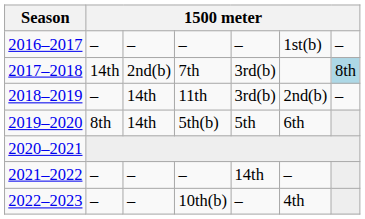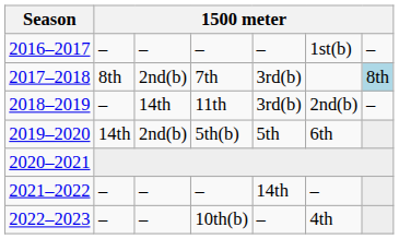 <table class="wikitable" style="display: inline-table;">
 <tr>
 <th>Season</th>
 <th colspan="6">1500 meter</th>
 </tr>
 <tr>
 <td><a href='#'>2016–2017</a></td>
 <td>–</td>
 <td>–</td>
 <td>–</td>
 <td>–</td>
 <td>1st(b)</td>
 <td>–</td>
 </tr>
 <tr>
 <td><a href='#'>2017–2018</a></td>
-<td>14th</td>
+<td>8th</td>
 <td>2nd(b)</td>
 <td>7th</td>
 <td>3rd(b)</td>
 <td></td>
 <td style="background: lightblue;">8th</td>
 </tr>
 <tr>
 <td><a href='#'>2018–2019</a></td>
 <td>–</td>
 <td>14th</td>
 <td>11th</td>
 <td>3rd(b)</td>
 <td>2nd(b)</td>
 <td>–</td>
 </tr>
 <tr>
 <td><a href='#'>2019–2020</a></td>
-<td>8th</td>
 <td>14th</td>
+<td>2nd(b)</td>
 <td>5th(b)</td>
 <td>5th</td>
 <td>6th</td>
 <td colspan="1" bgcolor=#EEEEEE></td>
 </tr>
 <tr>
 <td><a href='#'>2020–2021</a></td>
 <td colspan="6" bgcolor=#EEEEEE></td>
 </tr>
 <tr>
 <td><a href='#'>2021–2022</a></td>
 <td>–</td>
 <td>–</td>
 <td>–</td>
 <td>14th</td>
 <td>–</td>
 <td colspan="2" bgcolor=#EEEEEE></td>
 </tr>
 <tr>
 <td><a href='#'>2022–2023</a></td>
 <td>–</td>
 <td>–</td>
 <td>10th(b)</td>
 <td>–</td>
 <td>4th</td>
 <td colspan="2" bgcolor=#EEEEEE></td>
 </tr>
 </table>
